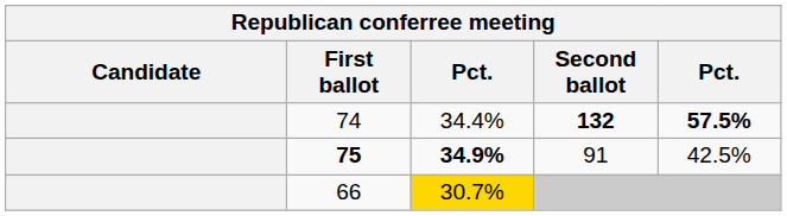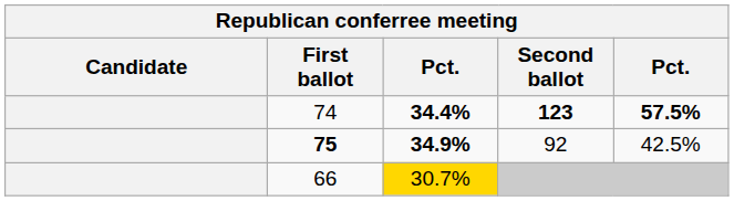 <table class="wikitable sortable plainrowheaders">
 <tr>
 <th colspan="11" >Republican conferree meeting</th>
 </tr>
 <tr style="background:#eee; text-align:center;">
 <th scope="col" style="width: 12em">Candidate</th>
 <th scope="col"  style="width: 5em">First ballot</th>
 <th scope="col"  style="width: 5em">Pct.</th>
 <th scope="col"  style="width: 5em">Second ballot</th>
 <th scope="col"  style="width: 5em">Pct.</th>
 </tr>
 <tr>
 <th scope="row"><strong></strong></th>
 <td style="text-align:center;">74</td>
-<td style="text-align:center;">34.4%</td>
-<td style="text-align:center;"><strong>132</strong></td>
+<td style="text-align:center;"><strong>34.4%</strong></td>
+<td style="text-align:center;"><strong>123</strong></td>
 <td style="text-align:center;"><strong>57.5%</strong></td>
 </tr>
 <tr>
 <th scope="row"></th>
 <td style="text-align:center;"><strong>75</strong></td>
 <td style="text-align:center;"><strong>34.9%</strong></td>
-<td style="text-align:center;">91</td>
+<td style="text-align:center;">92</td>
 <td style="text-align:center;">42.5%</td>
 </tr>
 <tr>
 <th scope="row"></th>
 <td style="text-align:center;">66</td>
 <td style="background: gold; text-align:center;">30.7%</td>
 <td colspan=2 style="text-align:center; background:#cbcbcb"><em></em></td>
 </tr>
 </table>
